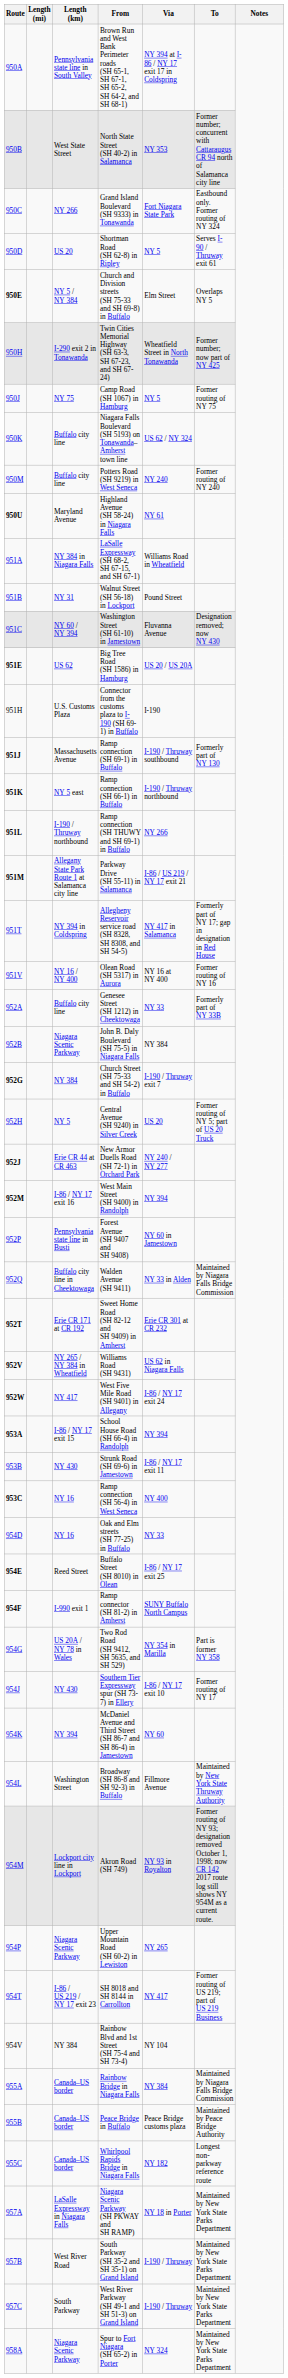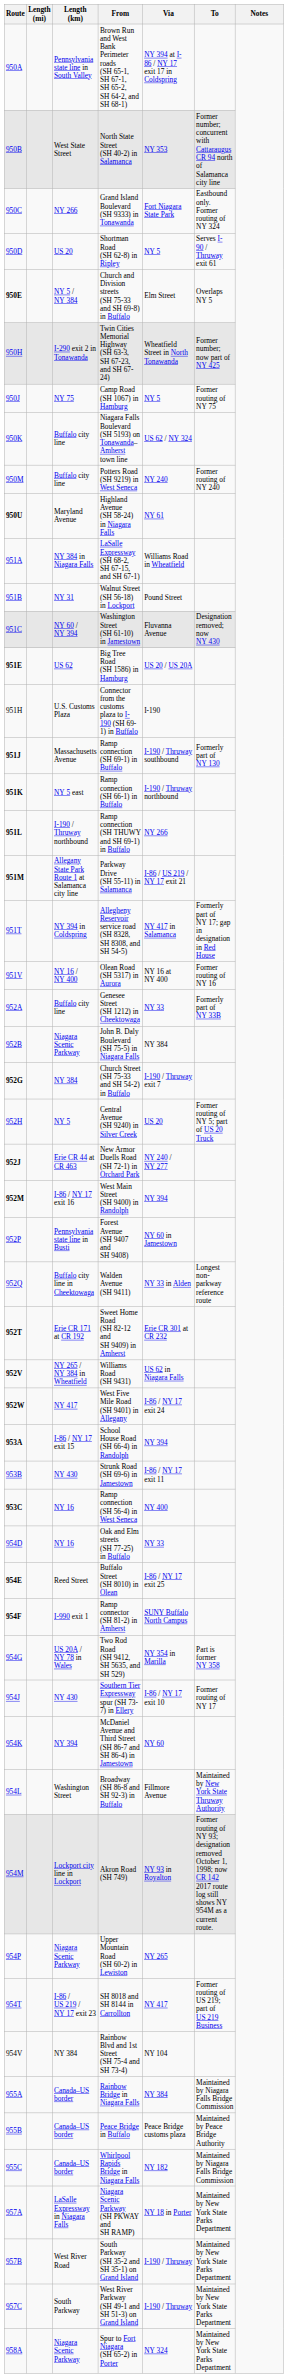 <table class="wikitable sortable">
 <tr>
 <th>Route</th>
 <th>Length<br>(mi)</th>
 <th>Length<br>(km)</th>
 <th>From</th>
 <th width="20%">Via</th>
 <th>To</th>
 <th width="20%">Notes</th>
 </tr>
 <tr>
 <td><a href='#'>950A</a></td>
 <td></td>
 <td><a href='#'>Pennsylvania state line</a> in <a href='#'>South Valley</a></td>
 <td>Brown Run and West Bank Perimeter roads (SH 65-1, SH 67-1, SH 65-2, SH 64-2, and SH 68-1)</td>
 <td><a href='#'>NY&nbsp;394</a> at <a href='#'>I-86</a> / <a href='#'>NY&nbsp;17</a> exit 17  in <a href='#'>Coldspring</a></td>
 <td></td>
 </tr>
 <tr style="background-color:#e7e7e7">
 <td id="50B"><a href='#'>950B</a></td>
 <td></td>
 <td>West State Street</td>
 <td>North State Street (SH 40-2) in <a href='#'>Salamanca</a></td>
 <td><a href='#'>NY 353</a></td>
 <td>Former number; concurrent with <a href='#'>Cattaraugus CR 94</a> north of Salamanca city line</td>
 </tr>
 <tr>
 <td><a href='#'>950C</a></td>
 <td></td>
 <td><a href='#'>NY&nbsp;266</a></td>
 <td>Grand Island Boulevard (SH 9333) in <a href='#'>Tonawanda</a></td>
 <td><a href='#'>Fort Niagara State Park</a></td>
 <td>Eastbound only. Former routing of NY 324</td>
 </tr>
 <tr>
 <td><a href='#'>950D</a></td>
 <td></td>
 <td><a href='#'>US 20</a></td>
 <td>Shortman Road (SH 62-8) in <a href='#'>Ripley</a></td>
 <td><a href='#'>NY&nbsp;5</a></td>
 <td>Serves <a href='#'>I-90</a> / <a href='#'>Thruway</a> exit 61</td>
 </tr>
 <tr>
 <td id="50E"><strong>950E</strong></td>
 <td></td>
 <td><a href='#'>NY&nbsp;5</a> / <a href='#'>NY&nbsp;384</a></td>
 <td>Church and Division streets (SH 75-33 and SH 69-8) in <a href='#'>Buffalo</a></td>
 <td>Elm Street</td>
 <td>Overlaps NY 5</td>
 </tr>
 <tr style="background-color:#e7e7e7">
 <td><a href='#'>950H</a></td>
 <td></td>
 <td><a href='#'>I-290</a> exit 2 in <a href='#'>Tonawanda</a></td>
 <td>Twin Cities Memorial Highway (SH 63-3, SH 67-23, and SH 67-24)</td>
 <td>Wheatfield Street in <a href='#'>North Tonawanda</a></td>
 <td>Former number; now part of <a href='#'>NY&nbsp;425</a></td>
 </tr>
 <tr>
 <td><a href='#'>950J</a></td>
 <td></td>
 <td><a href='#'>NY&nbsp;75</a></td>
 <td>Camp Road (SH 1067) in <a href='#'>Hamburg</a></td>
 <td><a href='#'>NY&nbsp;5</a></td>
 <td>Former routing of NY 75</td>
 </tr>
 <tr>
 <td><a href='#'>950K</a></td>
 <td></td>
 <td><a href='#'>Buffalo</a> city line</td>
 <td>Niagara Falls Boulevard (SH 5193) on <a href='#'>Tonawanda</a>–<a href='#'>Amherst</a> town line</td>
 <td><a href='#'>US 62</a> / <a href='#'>NY&nbsp;324</a></td>
 <td></td>
 </tr>
 <tr>
 <td><a href='#'>950M</a></td>
 <td></td>
 <td><a href='#'>Buffalo</a> city line</td>
 <td>Potters Road (SH 9219) in <a href='#'>West Seneca</a></td>
 <td><a href='#'>NY&nbsp;240</a></td>
 <td>Former routing of NY 240</td>
 </tr>
 <tr>
 <td id="50U"><strong>950U</strong></td>
 <td></td>
 <td>Maryland Avenue</td>
 <td>Highland Avenue (SH 58-24) in <a href='#'>Niagara Falls</a></td>
 <td><a href='#'>NY&nbsp;61</a></td>
 <td></td>
 </tr>
 <tr>
 <td><a href='#'>951A</a></td>
 <td></td>
 <td><a href='#'>NY 384</a> in <a href='#'>Niagara Falls</a></td>
 <td><a href='#'>LaSalle Expressway</a> (SH 68-2, SH 67-15, and SH 67-1)</td>
 <td>Williams Road in <a href='#'>Wheatfield</a></td>
 <td></td>
 </tr>
 <tr>
 <td><a href='#'>951B</a></td>
 <td></td>
 <td><a href='#'>NY&nbsp;31</a></td>
 <td>Walnut Street (SH 56-18) in <a href='#'>Lockport</a></td>
 <td>Pound Street</td>
 <td></td>
 </tr>
 <tr style="background-color:#e7e7e7">
 <td><a href='#'>951C</a></td>
 <td></td>
 <td><a href='#'>NY&nbsp;60</a> / <a href='#'>NY&nbsp;394</a></td>
 <td>Washington Street (SH 61-10) in <a href='#'>Jamestown</a></td>
 <td>Fluvanna Avenue</td>
 <td>Designation removed; now <a href='#'>NY&nbsp;430</a></td>
 </tr>
 <tr>
 <td id="51E"><strong>951E</strong></td>
 <td></td>
 <td><a href='#'>US 62</a></td>
 <td>Big Tree Road (SH 1586) in <a href='#'>Hamburg</a></td>
 <td><a href='#'>US 20</a> / <a href='#'>US 20A</a></td>
 <td></td>
 </tr>
 <tr>
 <td id="51H">951H</td>
 <td></td>
 <td>U.S. Customs Plaza</td>
 <td>Connector from the customs plaza to <a href='#'>I-190</a> (SH 69-1) in <a href='#'>Buffalo</a></td>
 <td>I-190</td>
 <td></td>
 </tr>
 <tr>
 <td id="51J"><strong>951J</strong></td>
 <td></td>
 <td>Massachusetts Avenue</td>
 <td>Ramp connection (SH 69-1) in <a href='#'>Buffalo</a></td>
 <td><a href='#'>I-190</a> / <a href='#'>Thruway</a> southbound</td>
 <td>Formerly part of <a href='#'>NY&nbsp;130</a></td>
 </tr>
 <tr>
 <td id="51K"><strong>951K</strong></td>
 <td></td>
 <td><a href='#'>NY&nbsp;5</a> east</td>
 <td>Ramp connection (SH 66-1) in <a href='#'>Buffalo</a></td>
 <td><a href='#'>I-190</a> / <a href='#'>Thruway</a> northbound</td>
 <td></td>
 </tr>
 <tr>
 <td id="51L"><strong>951L</strong></td>
 <td></td>
 <td><a href='#'>I-190</a> / <a href='#'>Thruway</a> northbound</td>
 <td>Ramp connection (SH THUWY and SH 69-1) in <a href='#'>Buffalo</a></td>
 <td><a href='#'>NY&nbsp;266</a></td>
 <td></td>
 </tr>
 <tr>
 <td id="51M"><strong>951M</strong></td>
 <td></td>
 <td><a href='#'>Allegany State Park Route&nbsp;1</a> at Salamanca city line</td>
 <td>Parkway Drive (SH 55-11) in <a href='#'>Salamanca</a></td>
 <td><a href='#'>I-86</a> / <a href='#'>US 219</a> / <a href='#'>NY&nbsp;17</a> exit 21</td>
 <td></td>
 </tr>
 <tr>
 <td><a href='#'>951T</a></td>
 <td></td>
 <td><a href='#'>NY&nbsp;394</a> in <a href='#'>Coldspring</a></td>
 <td><a href='#'>Allegheny Reservoir</a> service road (SH 8328, SH 8308, and SH 54-5)</td>
 <td><a href='#'>NY&nbsp;417</a> in <a href='#'>Salamanca</a></td>
 <td>Formerly part of NY 17; gap in designation in <a href='#'>Red House</a></td>
 </tr>
 <tr>
 <td><a href='#'>951V</a></td>
 <td></td>
 <td><a href='#'>NY&nbsp;16</a> / <a href='#'>NY&nbsp;400</a></td>
 <td>Olean Road (SH 5317) in <a href='#'>Aurora</a></td>
 <td>NY 16 at NY 400</td>
 <td>Former routing of NY 16</td>
 </tr>
 <tr>
 <td><a href='#'>952A</a></td>
 <td></td>
 <td><a href='#'>Buffalo</a> city line</td>
 <td>Genesee Street (SH 1212) in <a href='#'>Cheektowaga</a></td>
 <td><a href='#'>NY&nbsp;33</a></td>
 <td>Formerly part of <a href='#'>NY 33B</a></td>
 </tr>
 <tr>
 <td><a href='#'>952B</a></td>
 <td></td>
 <td><a href='#'>Niagara Scenic Parkway</a></td>
 <td>John B. Daly Boulevard (SH 75-5) in <a href='#'>Niagara Falls</a></td>
 <td>NY 384</td>
 <td></td>
 </tr>
 <tr>
 <td id="52G"><strong>952G</strong></td>
 <td></td>
 <td><a href='#'>NY&nbsp;384</a></td>
 <td>Church Street (SH 75-33 and SH 54-2) in <a href='#'>Buffalo</a></td>
 <td><a href='#'>I-190</a> / <a href='#'>Thruway</a> exit 7</td>
 <td></td>
 </tr>
 <tr>
 <td><a href='#'>952H</a></td>
 <td></td>
 <td><a href='#'>NY&nbsp;5</a></td>
 <td>Central Avenue (SH 9240) in <a href='#'>Silver Creek</a></td>
 <td><a href='#'>US 20</a></td>
 <td>Former routing of NY 5; part of <a href='#'>US 20 Truck</a></td>
 </tr>
 <tr>
 <td id="52J"><strong>952J</strong></td>
 <td></td>
 <td><a href='#'>Erie CR 44</a> at <a href='#'>CR 463</a></td>
 <td>New Armor Duells Road (SH 72-1) in <a href='#'>Orchard Park</a></td>
 <td><a href='#'>NY&nbsp;240</a> / <a href='#'>NY&nbsp;277</a></td>
 <td></td>
 </tr>
 <tr>
 <td id="52M"><strong>952M</strong></td>
 <td></td>
 <td><a href='#'>I-86</a> / <a href='#'>NY&nbsp;17</a> exit 16</td>
 <td>West Main Street (SH 9400) in <a href='#'>Randolph</a></td>
 <td><a href='#'>NY&nbsp;394</a></td>
 <td></td>
 </tr>
 <tr>
 <td><a href='#'>952P</a></td>
 <td></td>
 <td><a href='#'>Pennsylvania state line</a> in <a href='#'>Busti</a></td>
 <td>Forest Avenue (SH 9407 and SH 9408)</td>
 <td><a href='#'>NY&nbsp;60</a> in <a href='#'>Jamestown</a></td>
 <td></td>
 </tr>
 <tr>
 <td><a href='#'>952Q</a></td>
 <td></td>
 <td><a href='#'>Buffalo</a> city line in <a href='#'>Cheektowaga</a></td>
 <td>Walden Avenue (SH 9411)</td>
 <td><a href='#'>NY&nbsp;33</a> in <a href='#'>Alden</a></td>
-<td>Maintained by Niagara Falls Bridge Commission</td>
+<td>Longest non-parkway reference route</td>
 </tr>
 <tr>
 <td id="52T"><strong>952T</strong></td>
 <td></td>
 <td><a href='#'>Erie CR 171</a> at <a href='#'>CR 192</a></td>
 <td>Sweet Home Road (SH 82-12 and SH 9409) in <a href='#'>Amherst</a></td>
 <td><a href='#'>Erie CR 301</a> at <a href='#'>CR 232</a></td>
 <td></td>
 </tr>
 <tr>
 <td id="52V"><strong>952V</strong></td>
 <td></td>
 <td><a href='#'>NY&nbsp;265</a> / <a href='#'>NY&nbsp;384</a> in <a href='#'>Wheatfield</a></td>
 <td>Williams Road (SH 9431)</td>
 <td><a href='#'>US 62</a> in <a href='#'>Niagara Falls</a></td>
 <td></td>
 </tr>
 <tr>
 <td id="52W"><strong>952W</strong></td>
 <td></td>
 <td><a href='#'>NY&nbsp;417</a></td>
 <td>West Five Mile Road (SH 9401) in <a href='#'>Allegany</a></td>
 <td><a href='#'>I-86</a> / <a href='#'>NY&nbsp;17</a> exit 24</td>
 <td></td>
 </tr>
 <tr>
 <td id="53A"><strong>953A</strong></td>
 <td></td>
 <td><a href='#'>I-86</a> / <a href='#'>NY&nbsp;17</a> exit 15</td>
 <td>School House Road (SH 66-4) in <a href='#'>Randolph</a></td>
 <td><a href='#'>NY&nbsp;394</a></td>
 <td></td>
 </tr>
 <tr>
 <td><a href='#'>953B</a></td>
 <td></td>
 <td><a href='#'>NY&nbsp;430</a></td>
 <td>Strunk Road (SH 69-6) in <a href='#'>Jamestown</a></td>
 <td><a href='#'>I-86</a> / <a href='#'>NY&nbsp;17</a> exit 11</td>
 <td></td>
 </tr>
 <tr>
 <td id="53C"><strong>953C</strong></td>
 <td></td>
 <td><a href='#'>NY&nbsp;16</a></td>
 <td>Ramp connection (SH 56-4) in <a href='#'>West Seneca</a></td>
 <td><a href='#'>NY&nbsp;400</a></td>
 <td></td>
 </tr>
 <tr>
 <td><a href='#'>954D</a></td>
 <td></td>
 <td><a href='#'>NY&nbsp;16</a></td>
 <td>Oak and Elm streets (SH 77-25) in <a href='#'>Buffalo</a></td>
 <td><a href='#'>NY&nbsp;33</a></td>
 <td></td>
 </tr>
 <tr>
 <td id="54E"><strong>954E</strong></td>
 <td></td>
 <td>Reed Street</td>
 <td>Buffalo Street (SH 8010) in <a href='#'>Olean</a></td>
 <td><a href='#'>I-86</a> / <a href='#'>NY&nbsp;17</a> exit 25</td>
 <td></td>
 </tr>
 <tr>
 <td id="54F"><strong>954F</strong></td>
 <td></td>
 <td><a href='#'>I-990</a> exit 1</td>
 <td>Ramp connector (SH 81-2) in <a href='#'>Amherst</a></td>
 <td><a href='#'>SUNY Buffalo North Campus</a></td>
 <td></td>
 </tr>
 <tr>
 <td><a href='#'>954G</a></td>
 <td></td>
 <td><a href='#'>US 20A</a> / <a href='#'>NY&nbsp;78</a> in <a href='#'>Wales</a></td>
 <td>Two Rod Road (SH 9412, SH 5635, and SH 529)</td>
 <td><a href='#'>NY&nbsp;354</a> in <a href='#'>Marilla</a></td>
 <td>Part is former <a href='#'>NY&nbsp;358</a></td>
 </tr>
 <tr>
 <td><a href='#'>954J</a></td>
 <td></td>
 <td><a href='#'>NY&nbsp;430</a></td>
 <td><a href='#'>Southern Tier Expressway</a> spur (SH 73-7) in <a href='#'>Ellery</a></td>
 <td><a href='#'>I-86</a> / <a href='#'>NY&nbsp;17</a> exit 10</td>
 <td>Former routing of NY 17</td>
 </tr>
 <tr>
 <td><a href='#'>954K</a></td>
 <td></td>
 <td><a href='#'>NY&nbsp;394</a></td>
 <td>McDaniel Avenue and Third Street (SH 86-7 and SH 86-4) in <a href='#'>Jamestown</a></td>
 <td><a href='#'>NY&nbsp;60</a></td>
 <td></td>
 </tr>
 <tr>
 <td><a href='#'>954L</a></td>
 <td></td>
 <td>Washington Street</td>
 <td>Broadway (SH 86-8 and SH 92-3) in <a href='#'>Buffalo</a></td>
 <td>Fillmore Avenue</td>
 <td>Maintained by <a href='#'>New York State Thruway Authority</a></td>
 </tr>
 <tr style="background-color:#e7e7e7">
 <td><a href='#'>954M</a></td>
 <td></td>
 <td><a href='#'>Lockport city</a> line in <a href='#'>Lockport</a></td>
 <td>Akron Road (SH 749)</td>
 <td><a href='#'>NY&nbsp;93</a> in <a href='#'>Royalton</a></td>
 <td>Former routing of NY 93; designation removed October 1, 1998; now <a href='#'>CR 142</a><br>2017 route log still shows NY 954M as a current route.</td>
 </tr>
 <tr>
 <td><a href='#'>954P</a></td>
 <td></td>
 <td><a href='#'>Niagara Scenic Parkway</a></td>
 <td>Upper Mountain Road (SH 60-2) in <a href='#'>Lewiston</a></td>
 <td><a href='#'>NY&nbsp;265</a></td>
 <td></td>
 </tr>
 <tr>
 <td><a href='#'>954T</a></td>
 <td></td>
 <td><a href='#'>I-86</a> / <a href='#'>US 219</a> / <a href='#'>NY&nbsp;17</a> exit 23</td>
 <td>SH 8018 and SH 8144 in <a href='#'>Carrollton</a></td>
 <td><a href='#'>NY&nbsp;417</a></td>
 <td>Former routing of US 219; part of <a href='#'>US 219 Business</a></td>
 </tr>
 <tr>
 <td>954V</td>
 <td></td>
 <td>NY 384</td>
 <td>Rainbow Blvd and 1st Street (SH 75-4 and SH 73-4)</td>
 <td>NY 104</td>
 <td></td>
 </tr>
 <tr>
 <td><a href='#'>955A</a></td>
 <td></td>
 <td><a href='#'>Canada–US border</a></td>
 <td><a href='#'>Rainbow Bridge</a> in <a href='#'>Niagara Falls</a></td>
 <td><a href='#'>NY&nbsp;384</a></td>
 <td>Maintained by Niagara Falls Bridge Commission</td>
 </tr>
 <tr>
 <td><a href='#'>955B</a></td>
 <td></td>
 <td><a href='#'>Canada–US border</a></td>
 <td><a href='#'>Peace Bridge</a> in <a href='#'>Buffalo</a></td>
 <td>Peace Bridge customs plaza</td>
 <td>Maintained by Peace Bridge Authority</td>
 </tr>
 <tr>
 <td><a href='#'>955C</a></td>
 <td></td>
 <td><a href='#'>Canada–US border</a></td>
 <td><a href='#'>Whirlpool Rapids Bridge</a> in <a href='#'>Niagara Falls</a></td>
 <td><a href='#'>NY&nbsp;182</a></td>
-<td>Longest non-parkway reference route</td>
+<td>Maintained by Niagara Falls Bridge Commission</td>
 </tr>
 <tr>
 <td><a href='#'>957A</a></td>
 <td></td>
 <td><a href='#'>LaSalle Expressway</a> in <a href='#'>Niagara Falls</a></td>
 <td><a href='#'>Niagara Scenic Parkway</a> (SH PKWAY and SH RAMP)</td>
 <td><a href='#'>NY&nbsp;18</a> in <a href='#'>Porter</a></td>
 <td>Maintained by New York State Parks Department</td>
 </tr>
 <tr>
 <td><a href='#'>957B</a></td>
 <td></td>
 <td>West River Road</td>
 <td>South Parkway (SH 35-2 and SH 35-1) on <a href='#'>Grand Island</a></td>
 <td><a href='#'>I-190</a> / <a href='#'>Thruway</a></td>
 <td>Maintained by New York State Parks Department</td>
 </tr>
 <tr>
 <td><a href='#'>957C</a></td>
 <td></td>
 <td>South Parkway</td>
 <td>West River Parkway (SH 49-1 and SH 51-3) on <a href='#'>Grand Island</a></td>
 <td><a href='#'>I-190</a> / <a href='#'>Thruway</a></td>
 <td>Maintained by New York State Parks Department</td>
 </tr>
 <tr>
 <td><a href='#'>958A</a></td>
 <td></td>
 <td><a href='#'>Niagara Scenic Parkway</a></td>
 <td>Spur to <a href='#'>Fort Niagara</a> (SH 65-2) in <a href='#'>Porter</a></td>
 <td><a href='#'>NY&nbsp;324</a></td>
 <td>Maintained by New York State Parks Department</td>
 </tr>
 </table>
